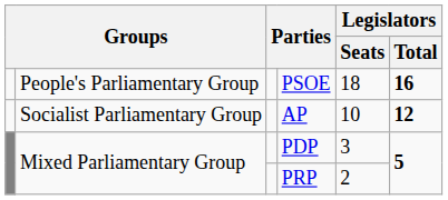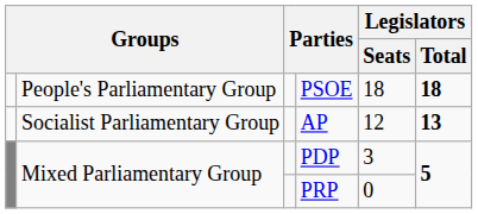 <table class="wikitable" style="text-align:left;">
 <tr>
 <th rowspan="2" colspan="2">Groups</th>
 <th rowspan="2" colspan="2">Parties</th>
 <th colspan="2">Legislators</th>
 </tr>
 <tr>
 <th>Seats</th>
 <th>Total</th>
 </tr>
 <tr>
 <td width="1" style="color:inherit;background:"></td>
 <td>People's Parliamentary Group</td>
 <td width="1" style="color:inherit;background:"></td>
 <td><a href='#'>PSOE</a></td>
 <td>18</td>
-<td><strong>16</strong></td>
+<td><strong>18</strong></td>
 </tr>
 <tr>
 <td style="color:inherit;background:"></td>
 <td>Socialist Parliamentary Group</td>
 <td style="color:inherit;background:"></td>
 <td><a href='#'>AP</a></td>
-<td>10</td>
-<td><strong>12</strong></td>
+<td>12</td>
+<td><strong>13</strong></td>
 </tr>
 <tr>
 <td rowspan="2" bgcolor="gray"></td>
 <td rowspan="2">Mixed Parliamentary Group</td>
 <td style="color:inherit;background:"></td>
 <td><a href='#'>PDP</a></td>
 <td>3</td>
 <td rowspan="2"><strong>5</strong></td>
 </tr>
 <tr>
 <td style="color:inherit;background:"></td>
 <td><a href='#'>PRP</a></td>
-<td>2</td>
+<td>0</td>
 </tr>
 </table>
